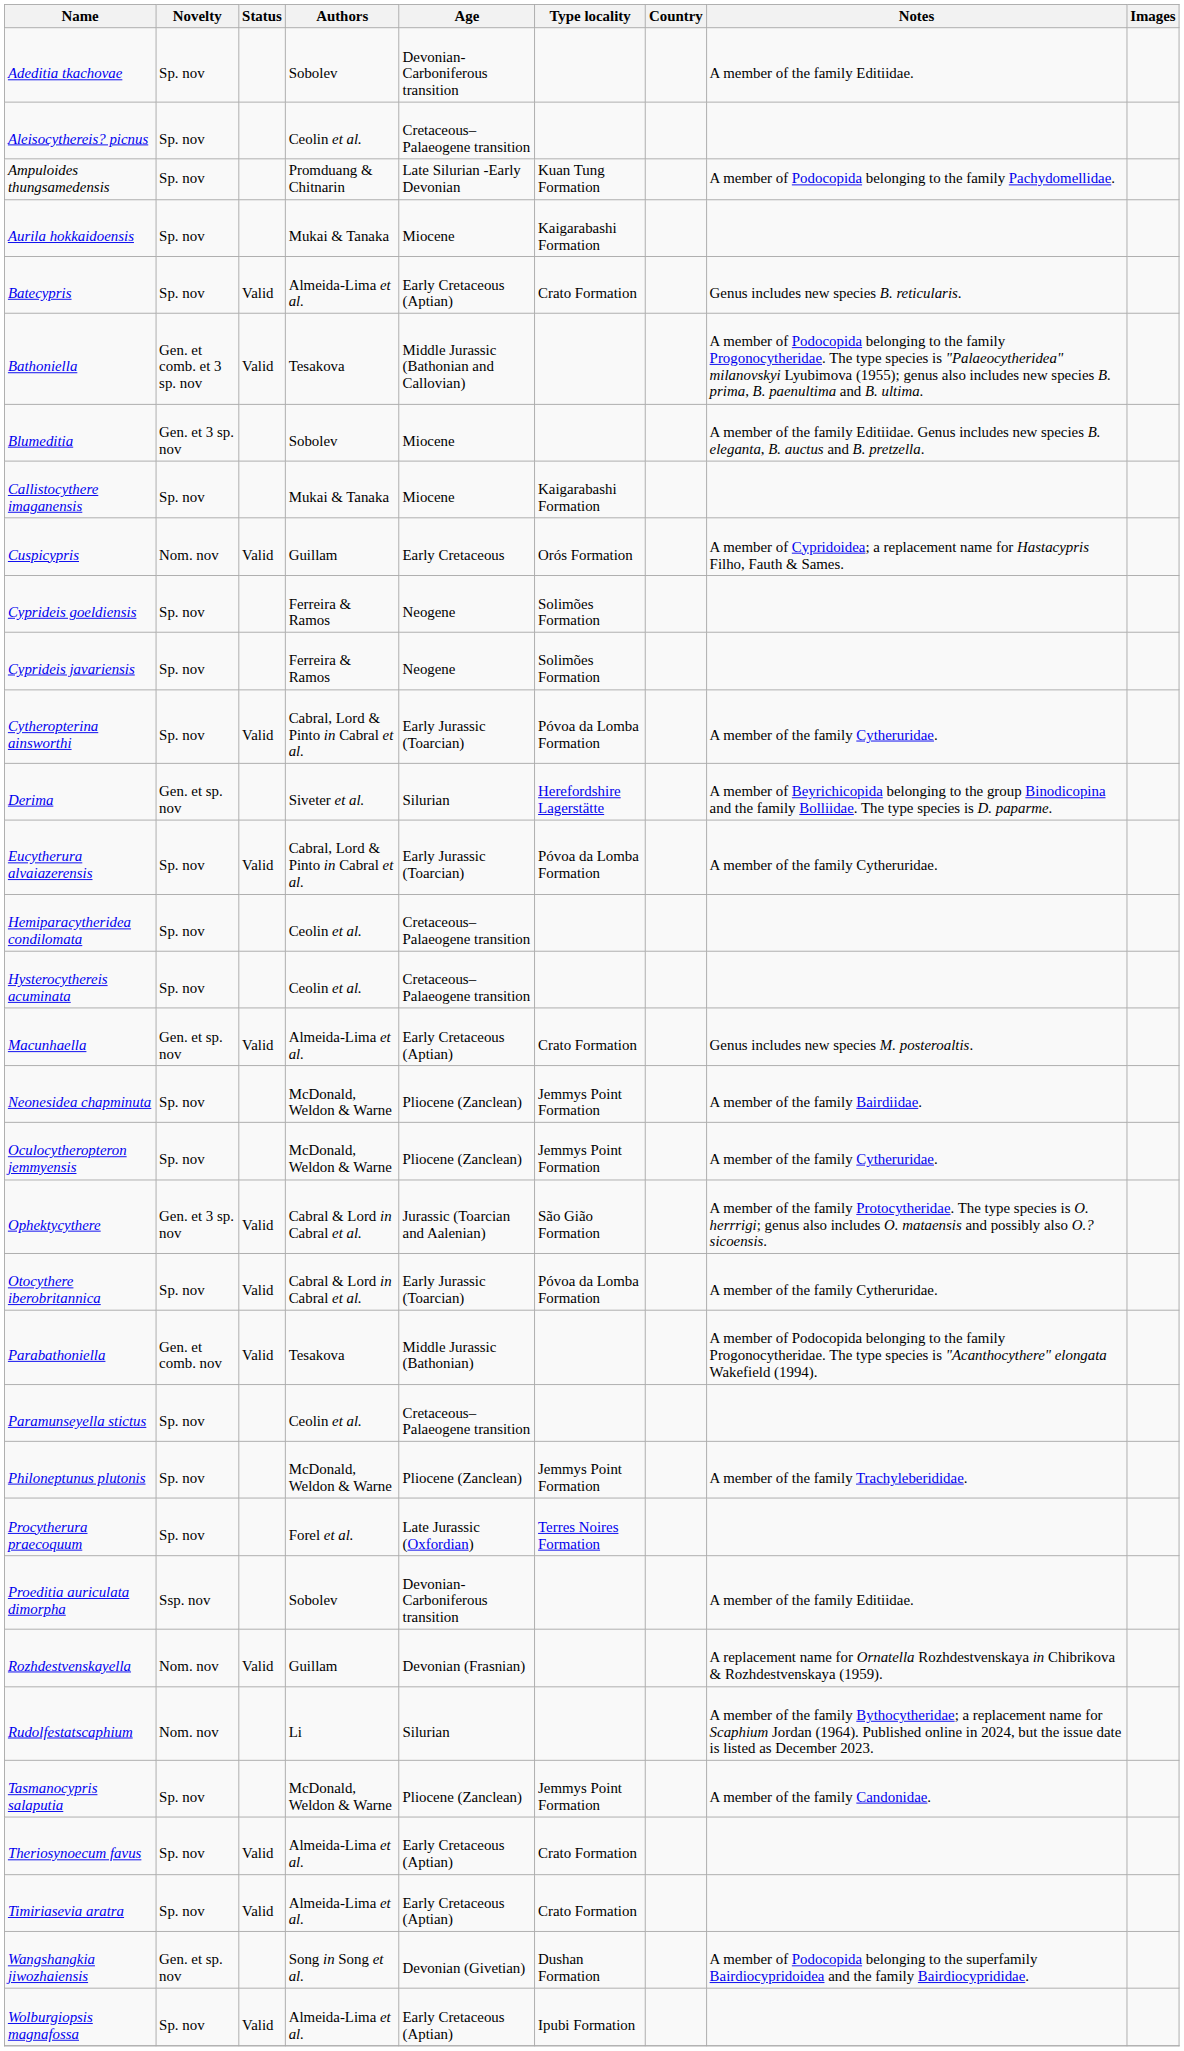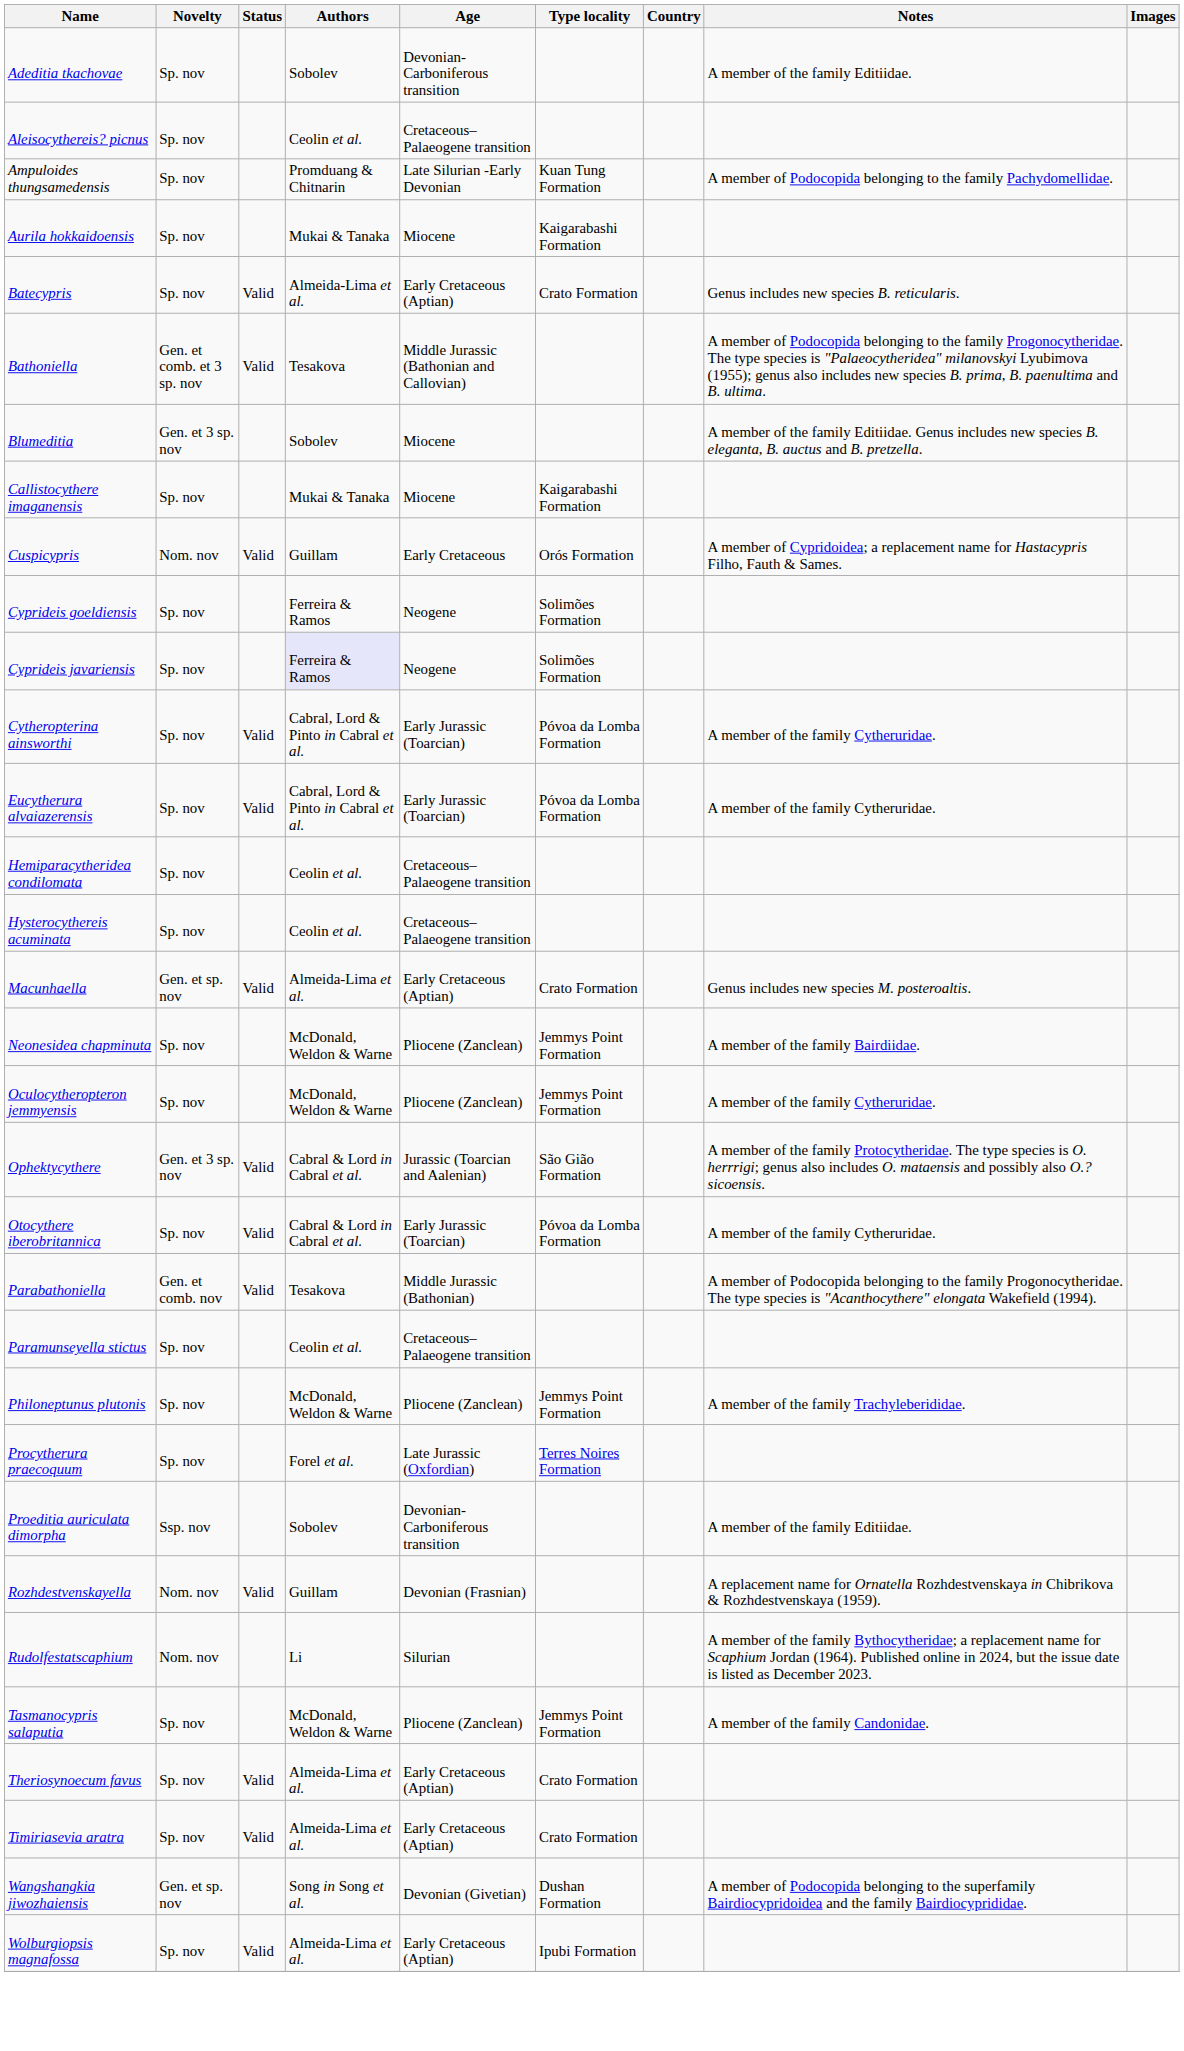 <table class="wikitable sortable" align="center" width="100%">
 <tr>
 <th>Name</th>
 <th>Novelty</th>
 <th>Status</th>
 <th>Authors</th>
 <th>Age</th>
 <th>Type locality</th>
 <th>Country</th>
 <th>Notes</th>
 <th>Images</th>
 </tr>
 <tr>
 <td><br><em><a href='#'>Adeditia tkachovae</a></em></td>
 <td><br>Sp. nov</td>
 <td></td>
 <td><br>Sobolev</td>
 <td><br>Devonian-Carboniferous transition</td>
 <td></td>
 <td><br></td>
 <td><br>A member of the family Editiidae.</td>
 <td></td>
 </tr>
 <tr>
 <td><br><em><a href='#'>Aleisocythereis? picnus</a></em></td>
 <td><br>Sp. nov</td>
 <td></td>
 <td><br>Ceolin <em>et al.</em></td>
 <td><br>Cretaceous–Palaeogene transition</td>
 <td></td>
 <td><br></td>
 <td></td>
 <td></td>
 </tr>
 <tr>
 <td><em>Ampuloides thungsamedensis</em></td>
 <td>Sp. nov</td>
 <td></td>
 <td>Promduang & Chitnarin</td>
 <td>Late Silurian -Early Devonian</td>
 <td>Kuan Tung Formation</td>
 <td></td>
 <td>A member of <a href='#'>Podocopida</a> belonging to the family <a href='#'>Pachydomellidae</a>.</td>
 <td></td>
 </tr>
 <tr>
 <td><br><em><a href='#'>Aurila hokkaidoensis</a></em></td>
 <td><br>Sp. nov</td>
 <td></td>
 <td><br>Mukai & Tanaka</td>
 <td><br>Miocene</td>
 <td><br>Kaigarabashi Formation</td>
 <td><br></td>
 <td></td>
 <td></td>
 </tr>
 <tr>
 <td><br><em><a href='#'>Batecypris</a></em></td>
 <td><br>Sp. nov</td>
 <td><br>Valid</td>
 <td><br>Almeida-Lima <em>et al.</em></td>
 <td><br>Early Cretaceous (Aptian)</td>
 <td><br>Crato Formation</td>
 <td><br></td>
 <td><br>Genus includes new species <em>B. reticularis</em>.</td>
 <td></td>
 </tr>
 <tr>
 <td><br><em><a href='#'>Bathoniella</a></em></td>
 <td><br>Gen. et comb. et 3 sp. nov</td>
 <td><br>Valid</td>
 <td><br>Tesakova</td>
 <td><br>Middle Jurassic (Bathonian and Callovian)</td>
 <td></td>
 <td><br><br> <br> <br> </td>
 <td><br>A member of <a href='#'>Podocopida</a> belonging to the family <a href='#'>Progonocytheridae</a>. The type species is <em>"Palaeocytheridea" milanovskyi</em> Lyubimova (1955); genus also includes new species <em>B. prima</em>, <em>B. paenultima</em> and <em>B. ultima</em>.</td>
 <td></td>
 </tr>
 <tr>
 <td><br><em><a href='#'>Blumeditia</a></em></td>
 <td><br>Gen. et 3 sp. nov</td>
 <td></td>
 <td><br>Sobolev</td>
 <td><br>Miocene</td>
 <td></td>
 <td><br></td>
 <td><br>A member of the family Editiidae. Genus includes new species <em>B. eleganta</em>, <em>B. auctus</em> and <em>B. pretzella</em>.</td>
 <td></td>
 </tr>
 <tr>
 <td><br><em><a href='#'>Callistocythere imaganensis</a></em></td>
 <td><br>Sp. nov</td>
 <td></td>
 <td><br>Mukai & Tanaka</td>
 <td><br>Miocene</td>
 <td><br>Kaigarabashi Formation</td>
 <td><br></td>
 <td></td>
 <td></td>
 </tr>
 <tr>
 <td><br><em><a href='#'>Cuspicypris</a></em></td>
 <td><br>Nom. nov</td>
 <td><br>Valid</td>
 <td><br>Guillam</td>
 <td><br>Early Cretaceous</td>
 <td><br>Orós Formation</td>
 <td><br></td>
 <td><br>A member of <a href='#'>Cypridoidea</a>; a replacement name for <em>Hastacypris</em> Filho, Fauth & Sames.</td>
 <td></td>
 </tr>
 <tr>
 <td><br><em><a href='#'>Cyprideis goeldiensis</a></em></td>
 <td><br>Sp. nov</td>
 <td></td>
 <td><br>Ferreira & Ramos</td>
 <td><br>Neogene</td>
 <td><br>Solimões Formation</td>
 <td><br></td>
 <td></td>
 <td></td>
 </tr>
 <tr>
 <td><br><em><a href='#'>Cyprideis javariensis</a></em></td>
 <td><br>Sp. nov</td>
 <td></td>
-<td><br>Ferreira & Ramos</td>
+<td style="background: lavender;"><br>Ferreira & Ramos</td>
 <td><br>Neogene</td>
 <td><br>Solimões Formation</td>
 <td><br></td>
 <td></td>
 <td></td>
 </tr>
 <tr>
 <td><br><em><a href='#'>Cytheropterina ainsworthi</a></em></td>
 <td><br>Sp. nov</td>
 <td><br>Valid</td>
 <td><br>Cabral, Lord & Pinto <em>in</em> Cabral <em>et al.</em></td>
 <td><br>Early Jurassic (Toarcian)</td>
 <td><br>Póvoa da Lomba Formation</td>
 <td><br></td>
 <td><br>A member of the family <a href='#'>Cytheruridae</a>.</td>
-<td></td>
-</tr>
-<tr>
-<td><br><em><a href='#'>Derima</a></em></td>
-<td><br>Gen. et sp. nov</td>
-<td></td>
-<td><br>Siveter <em>et al.</em></td>
-<td><br>Silurian</td>
-<td><br><a href='#'>Herefordshire Lagerstätte</a></td>
-<td><br></td>
-<td><br>A member of <a href='#'>Beyrichicopida</a> belonging to the group <a href='#'>Binodicopina</a> and the family <a href='#'>Bolliidae</a>. The type species is <em>D. paparme</em>.</td>
 <td></td>
 </tr>
 <tr>
 <td><br><em><a href='#'>Eucytherura alvaiazerensis</a></em></td>
 <td><br>Sp. nov</td>
 <td><br>Valid</td>
 <td><br>Cabral, Lord & Pinto <em>in</em> Cabral <em>et al.</em></td>
 <td><br>Early Jurassic (Toarcian)</td>
 <td><br>Póvoa da Lomba Formation</td>
 <td><br></td>
 <td><br>A member of the family Cytheruridae.</td>
 <td></td>
 </tr>
 <tr>
 <td><br><em><a href='#'>Hemiparacytheridea condilomata</a></em></td>
 <td><br>Sp. nov</td>
 <td></td>
 <td><br>Ceolin <em>et al.</em></td>
 <td><br>Cretaceous–Palaeogene transition</td>
 <td></td>
 <td><br></td>
 <td></td>
 <td></td>
 </tr>
 <tr>
 <td><br><em><a href='#'>Hysterocythereis acuminata</a></em></td>
 <td><br>Sp. nov</td>
 <td></td>
 <td><br>Ceolin <em>et al.</em></td>
 <td><br>Cretaceous–Palaeogene transition</td>
 <td></td>
 <td><br></td>
 <td></td>
 <td></td>
 </tr>
 <tr>
 <td><br><em><a href='#'>Macunhaella</a></em></td>
 <td><br>Gen. et sp. nov</td>
 <td><br>Valid</td>
 <td><br>Almeida-Lima <em>et al.</em></td>
 <td><br>Early Cretaceous (Aptian)</td>
 <td><br>Crato Formation</td>
 <td><br></td>
 <td><br>Genus includes new species <em>M. posteroaltis</em>.</td>
 <td></td>
 </tr>
 <tr>
 <td><br><em><a href='#'>Neonesidea chapminuta</a></em></td>
 <td><br>Sp. nov</td>
 <td></td>
 <td><br>McDonald, Weldon & Warne</td>
 <td><br>Pliocene (Zanclean)</td>
 <td><br>Jemmys Point Formation</td>
 <td><br></td>
 <td><br>A member of the family <a href='#'>Bairdiidae</a>.</td>
 <td></td>
 </tr>
 <tr>
 <td><br><em><a href='#'>Oculocytheropteron jemmyensis</a></em></td>
 <td><br>Sp. nov</td>
 <td></td>
 <td><br>McDonald, Weldon & Warne</td>
 <td><br>Pliocene (Zanclean)</td>
 <td><br>Jemmys Point Formation</td>
 <td><br></td>
 <td><br>A member of the family <a href='#'>Cytheruridae</a>.</td>
 <td></td>
 </tr>
 <tr>
 <td><br><em><a href='#'>Ophektycythere</a></em></td>
 <td><br>Gen. et 3 sp. nov</td>
 <td><br>Valid</td>
 <td><br>Cabral & Lord <em>in</em> Cabral <em>et al.</em></td>
 <td><br>Jurassic (Toarcian and Aalenian)</td>
 <td><br>São Gião Formation</td>
 <td><br><br> </td>
 <td><br>A member of the family <a href='#'>Protocytheridae</a>. The type species is <em>O. herrrigi</em>; genus also includes <em>O. mataensis</em> and possibly also <em>O.? sicoensis</em>.</td>
 <td></td>
 </tr>
 <tr>
 <td><br><em><a href='#'>Otocythere iberobritannica</a></em></td>
 <td><br>Sp. nov</td>
 <td><br>Valid</td>
 <td><br>Cabral & Lord <em>in</em> Cabral <em>et al.</em></td>
 <td><br>Early Jurassic (Toarcian)</td>
 <td><br>Póvoa da Lomba Formation</td>
 <td><br><br> </td>
 <td><br>A member of the family Cytheruridae.</td>
 <td></td>
 </tr>
 <tr>
 <td><br><em><a href='#'>Parabathoniella</a></em></td>
 <td><br>Gen. et comb. nov</td>
 <td><br>Valid</td>
 <td><br>Tesakova</td>
 <td><br>Middle Jurassic (Bathonian)</td>
 <td></td>
 <td><br></td>
 <td><br>A member of Podocopida belonging to the family Progonocytheridae. The type species is <em>"Acanthocythere" elongata</em> Wakefield (1994).</td>
 <td></td>
 </tr>
 <tr>
 <td><br><em><a href='#'>Paramunseyella stictus</a></em></td>
 <td><br>Sp. nov</td>
 <td></td>
 <td><br>Ceolin <em>et al.</em></td>
 <td><br>Cretaceous–Palaeogene transition</td>
 <td></td>
 <td><br></td>
 <td></td>
 <td></td>
 </tr>
 <tr>
 <td><br><em><a href='#'>Philoneptunus plutonis</a></em></td>
 <td><br>Sp. nov</td>
 <td></td>
 <td><br>McDonald, Weldon & Warne</td>
 <td><br>Pliocene (Zanclean)</td>
 <td><br>Jemmys Point Formation</td>
 <td><br></td>
 <td><br>A member of the family <a href='#'>Trachyleberididae</a>.</td>
 <td></td>
 </tr>
 <tr>
 <td><br><em><a href='#'>Procytherura praecoquum</a></em></td>
 <td><br>Sp. nov</td>
 <td></td>
 <td><br>Forel <em>et al.</em></td>
 <td><br>Late Jurassic (<a href='#'>Oxfordian</a>)</td>
 <td><br><a href='#'>Terres Noires Formation</a></td>
 <td><br></td>
 <td></td>
 <td></td>
 </tr>
 <tr>
 <td><br><em><a href='#'>Proeditia auriculata dimorpha</a></em></td>
 <td><br>Ssp. nov</td>
 <td></td>
 <td><br>Sobolev</td>
 <td><br>Devonian-Carboniferous transition</td>
 <td></td>
 <td><br></td>
 <td><br>A member of the family Editiidae.</td>
 <td></td>
 </tr>
 <tr>
 <td><br><em><a href='#'>Rozhdestvenskayella</a></em></td>
 <td><br>Nom. nov</td>
 <td><br>Valid</td>
 <td><br>Guillam</td>
 <td><br>Devonian (Frasnian)</td>
 <td></td>
 <td><br></td>
 <td><br>A replacement name for <em>Ornatella</em> Rozhdestvenskaya <em>in</em> Chibrikova & Rozhdestvenskaya (1959).</td>
 <td></td>
 </tr>
 <tr>
 <td><br><em><a href='#'>Rudolfestatscaphium</a></em></td>
 <td><br>Nom. nov</td>
 <td></td>
 <td><br>Li</td>
 <td><br>Silurian</td>
 <td></td>
 <td><br></td>
 <td><br>A member of the family <a href='#'>Bythocytheridae</a>; a replacement name for <em>Scaphium</em> Jordan (1964). Published online in 2024, but the issue date is listed as December 2023.</td>
 <td></td>
 </tr>
 <tr>
 <td><br><em><a href='#'>Tasmanocypris salaputia</a></em></td>
 <td><br>Sp. nov</td>
 <td></td>
 <td><br>McDonald, Weldon & Warne</td>
 <td><br>Pliocene (Zanclean)</td>
 <td><br>Jemmys Point Formation</td>
 <td><br></td>
 <td><br>A member of the family <a href='#'>Candonidae</a>.</td>
 <td></td>
 </tr>
 <tr>
 <td><br><em><a href='#'>Theriosynoecum favus</a></em></td>
 <td><br>Sp. nov</td>
 <td><br>Valid</td>
 <td><br>Almeida-Lima <em>et al.</em></td>
 <td><br>Early Cretaceous (Aptian)</td>
 <td><br>Crato Formation</td>
 <td><br></td>
 <td></td>
 <td></td>
 </tr>
 <tr>
 <td><br><em><a href='#'>Timiriasevia aratra</a></em></td>
 <td><br>Sp. nov</td>
 <td><br>Valid</td>
 <td><br>Almeida-Lima <em>et al.</em></td>
 <td><br>Early Cretaceous (Aptian)</td>
 <td><br>Crato Formation</td>
 <td><br></td>
 <td></td>
 <td></td>
 </tr>
 <tr>
 <td><br><em><a href='#'>Wangshangkia jiwozhaiensis</a></em></td>
 <td><br>Gen. et sp. nov</td>
 <td></td>
 <td><br>Song <em>in</em> Song <em>et al.</em></td>
 <td><br>Devonian (Givetian)</td>
 <td><br>Dushan Formation</td>
 <td><br></td>
 <td><br>A member of <a href='#'>Podocopida</a> belonging to the superfamily <a href='#'>Bairdiocypridoidea</a> and the family <a href='#'>Bairdiocyprididae</a>.</td>
 <td></td>
 </tr>
 <tr>
 <td><br><em><a href='#'>Wolburgiopsis magnafossa</a></em></td>
 <td><br>Sp. nov</td>
 <td><br>Valid</td>
 <td><br>Almeida-Lima <em>et al.</em></td>
 <td><br>Early Cretaceous (Aptian)</td>
 <td><br>Ipubi Formation</td>
 <td><br></td>
 <td></td>
 <td></td>
 </tr>
 <tr>
 </tr>
 </table>
